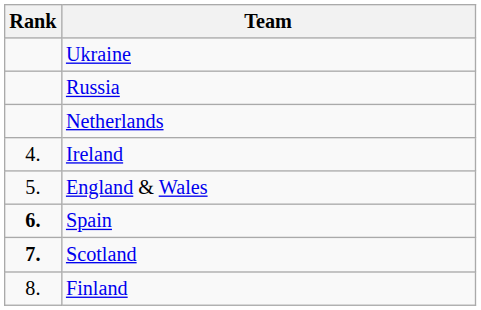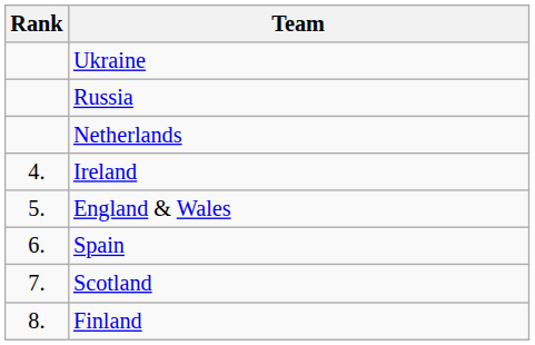 <table class="wikitable" style="font-size:95%">
 <tr>
 <th>Rank</th>
 <th align="left" style="width: 20em">Team</th>
 </tr>
 <tr>
 <td align="center"></td>
 <td> <a href='#'>Ukraine</a></td>
 </tr>
 <tr>
 <td align="center"></td>
 <td> <a href='#'>Russia</a></td>
 </tr>
 <tr>
 <td align="center"></td>
 <td> <a href='#'>Netherlands</a></td>
 </tr>
 <tr>
 <td rowspan=1 align="center">4.</td>
 <td> <a href='#'>Ireland</a></td>
 </tr>
 <tr>
 <td rowspan=1 align="center">5.</td>
 <td> <a href='#'>England</a> &  <a href='#'>Wales</a></td>
 </tr>
 <tr>
-<td rowspan=1 align="center"><strong>6.</strong></td>
+<td rowspan=1 align="center">6.</td>
 <td> <a href='#'>Spain</a></td>
 </tr>
 <tr>
-<td rowspan=1 align="center"><strong>7.</strong></td>
+<td rowspan=1 align="center">7.</td>
 <td> <a href='#'>Scotland</a></td>
 </tr>
 <tr>
 <td rowspan=1 align="center">8.</td>
 <td> <a href='#'>Finland</a></td>
 </tr>
 </table>
